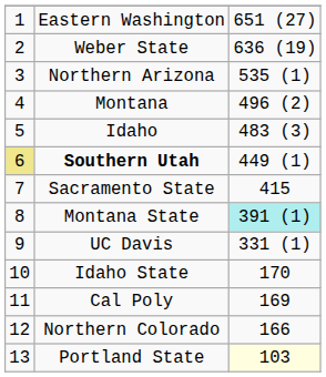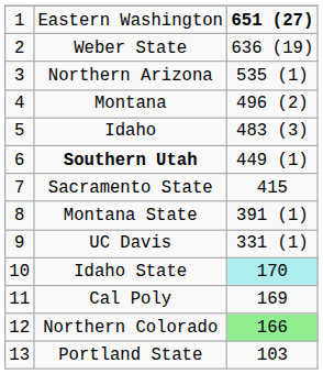 <table class="wikitable" style="display: inline-table;">
 <tr align="center">
 </tr>
 <tr align="center">
 <td>1</td>
 <td>Eastern Washington</td>
-<td>651 (27)</td>
+<td><strong>651 (27)</strong></td>
 </tr>
 <tr align="center">
 <td>2</td>
 <td>Weber State</td>
 <td>636 (19)</td>
 </tr>
 <tr align="center">
 <td>3</td>
 <td>Northern Arizona</td>
 <td>535 (1)</td>
 </tr>
 <tr align="center">
 <td>4</td>
 <td>Montana</td>
 <td>496 (2)</td>
 </tr>
 <tr align="center">
 <td>5</td>
 <td>Idaho</td>
 <td>483 (3)</td>
 </tr>
 <tr align="center">
-<td style="background: khaki;">6</td>
+<td>6</td>
 <td><strong>Southern Utah</strong></td>
 <td>449 (1)</td>
 </tr>
 <tr align="center">
 <td>7</td>
 <td>Sacramento State</td>
 <td>415</td>
 </tr>
 <tr align="center">
 <td>8</td>
 <td>Montana State</td>
-<td style="background: paleturquoise;">391 (1)</td>
+<td>391 (1)</td>
 </tr>
 <tr align="center">
 <td>9</td>
 <td>UC Davis</td>
 <td>331 (1)</td>
 </tr>
 <tr align="center">
 <td>10</td>
 <td>Idaho State</td>
-<td>170</td>
+<td style="background: paleturquoise;">170</td>
 </tr>
 <tr align="center">
 <td>11</td>
 <td>Cal Poly</td>
 <td>169</td>
 </tr>
 <tr align="center">
 <td>12</td>
 <td>Northern Colorado</td>
-<td>166</td>
+<td style="background: lightgreen;">166</td>
 </tr>
 <tr align="center">
 <td>13</td>
 <td>Portland State</td>
-<td style="background: lightyellow;">103</td>
+<td>103</td>
 </tr>
 </table>
